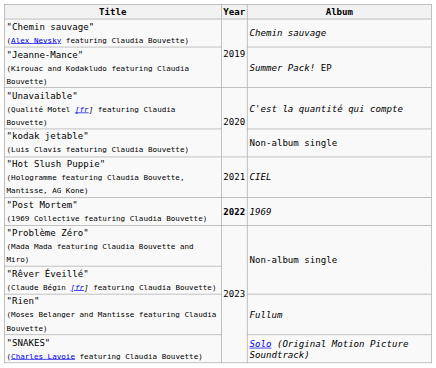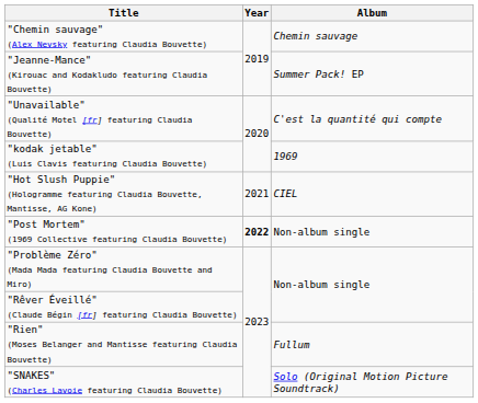 <table class="wikitable">
 <tr>
 <th>Title</th>
 <th>Year</th>
 <th>Album</th>
 </tr>
 <tr>
 <td>"Chemin sauvage"<br><sub>(<a href='#'>Alex Nevsky</a> featuring Claudia Bouvette)</sub></td>
 <td rowspan="2">2019</td>
 <td><em>Chemin sauvage</em></td>
 </tr>
 <tr>
 <td>"Jeanne-Mance"<br><sub>(Kirouac and Kodakludo featuring Claudia Bouvette)</sub></td>
 <td><em>Summer Pack!</em> EP</td>
 </tr>
 <tr>
 <td>"Unavailable"<br><sub>(Qualité Motel <em><a href='#'>[fr</a>]</em> featuring Claudia Bouvette)</sub></td>
 <td rowspan="2">2020</td>
 <td><em>C'est la quantité qui compte</em></td>
 </tr>
 <tr>
 <td>"kodak jetable"<br><sub>(Luis Clavis featuring Claudia Bouvette)</sub></td>
-<td>Non-album single</td>
+<td><em>1969</em></td>
 </tr>
 <tr>
 <td>"Hot Slush Puppie"<br><sub>(Hologramme featuring Claudia Bouvette,</sub> <sub>Mantisse, AG Kone)</sub></td>
 <td>2021</td>
 <td><em>CIEL</em></td>
 </tr>
 <tr>
 <td>"Post Mortem"<br><sub>(1969 Collective featuring Claudia Bouvette)</sub></td>
 <td><strong>2022</strong></td>
-<td><em>1969</em></td>
+<td>Non-album single</td>
 </tr>
 <tr>
 <td>"Problème Zéro"<br><sub>(Mada Mada featuring Claudia Bouvette and Miro)</sub></td>
 <td rowspan="4">2023</td>
 <td rowspan="2">Non-album single</td>
 </tr>
 <tr>
 <td>"Rêver Éveillé"<br><sub>(Claude Bégin <em><a href='#'>[fr</a>]</em> featuring Claudia Bouvette)</sub></td>
 </tr>
 <tr>
 <td>"Rien"<br><sub>(Moses Belanger and Mantisse featuring Claudia Bouvette)</sub></td>
 <td><em>Fullum</em></td>
 </tr>
 <tr>
 <td>"SNAKES"<br><sub>(<a href='#'>Charles Lavoie</a> featuring Claudia Bouvette)</sub></td>
 <td><em><a href='#'>Solo</a> (Original Motion Picture Soundtrack)</em></td>
 </tr>
 </table>
